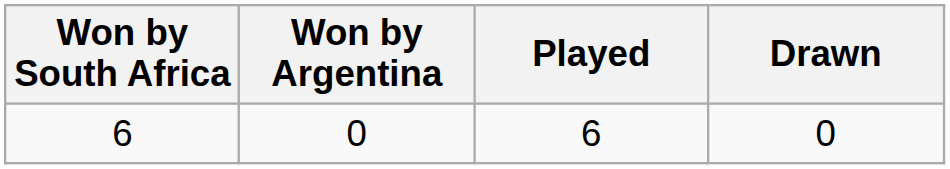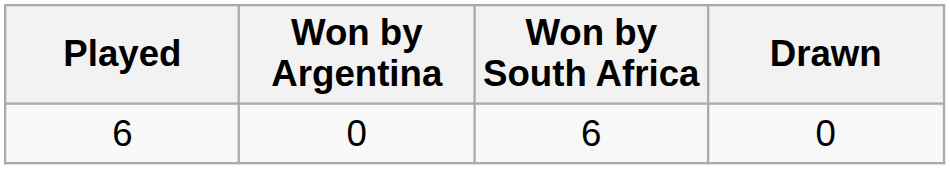 <table class="wikitable">
 <tr>
+<th width="95">Played</th>
+<th width="95">Won by<br>Argentina</th>
 <th width="95">Won by<br>South Africa</th>
-<th width="95">Won by<br>Argentina</th>
-<th width="95">Played</th>
 <th width="95">Drawn</th>
 </tr>
 <tr>
 <td align=center>6</td>
 <td align=center>0</td>
 <td align=center>6</td>
 <td align=center>0</td>
 </tr>
 </table>
